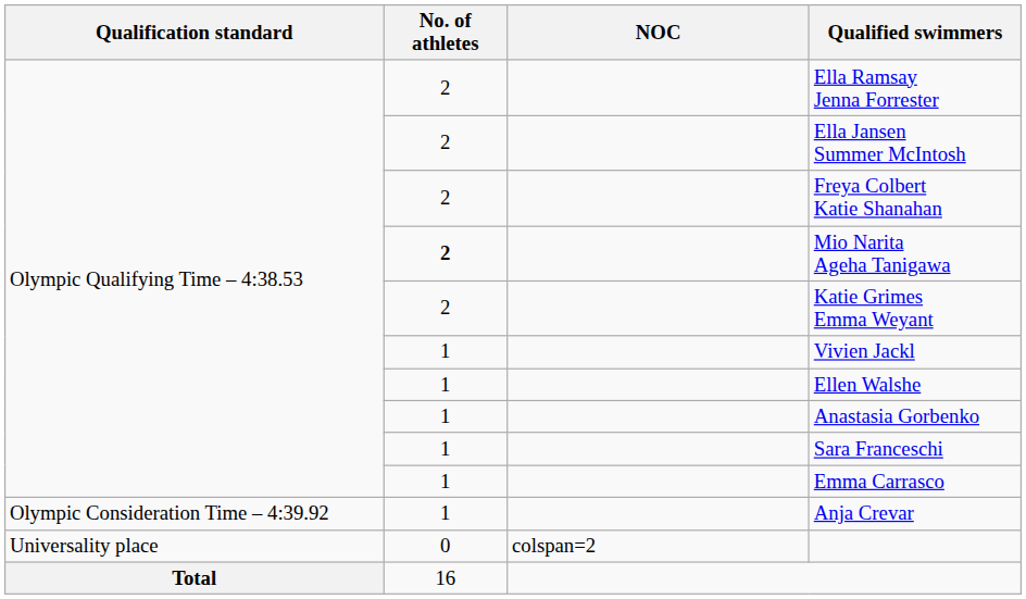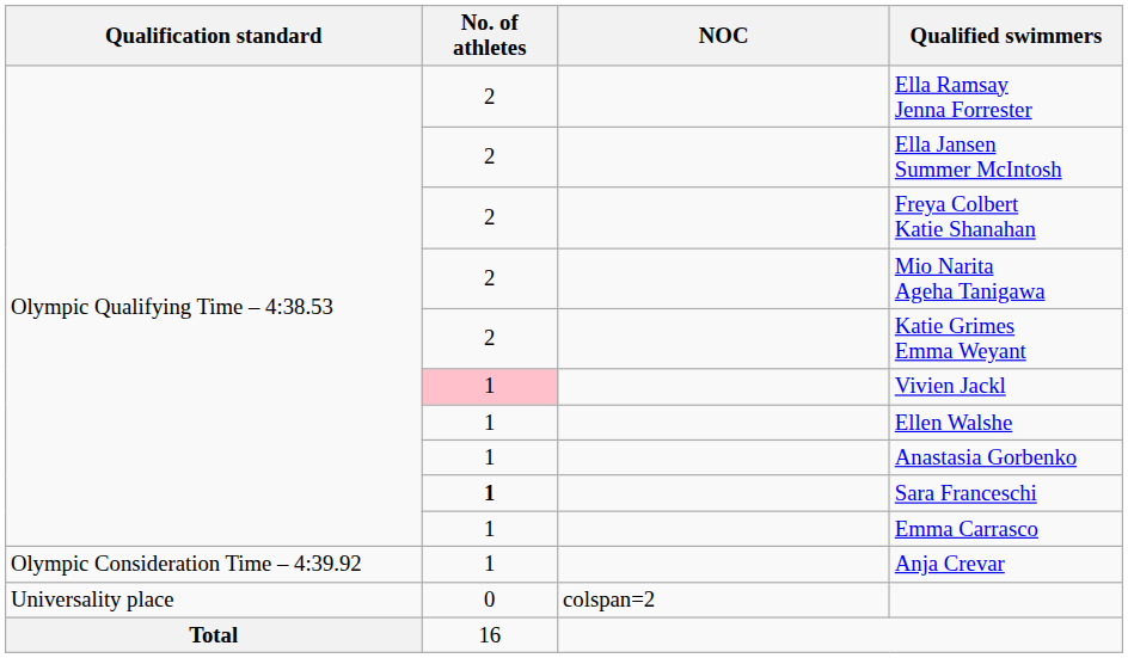 <table class=wikitable style="text-align:left" width=800>
 <tr>
 <th scope="col">Qualification standard</th>
 <th scope="col" width =90>No. of athletes</th>
 <th scope="col" width =230>NOC</th>
 <th scope="col">Qualified swimmers</th>
 </tr>
 <tr>
 <td rowspan=10>Olympic Qualifying Time – 4:38.53</td>
 <td align=center>2</td>
 <td></td>
 <td><a href='#'>Ella Ramsay</a><br><a href='#'>Jenna Forrester</a></td>
 </tr>
 <tr>
 <td align=center>2</td>
 <td></td>
 <td><a href='#'>Ella Jansen</a><br><a href='#'>Summer McIntosh</a></td>
 </tr>
 <tr>
 <td align=center>2</td>
 <td></td>
 <td><a href='#'>Freya Colbert</a><br><a href='#'>Katie Shanahan</a></td>
 </tr>
 <tr>
-<td align=center><strong>2</strong></td>
+<td align=center>2</td>
 <td></td>
 <td><a href='#'>Mio Narita</a><br><a href='#'>Ageha Tanigawa</a></td>
 </tr>
 <tr>
 <td align=center>2</td>
 <td></td>
 <td><a href='#'>Katie Grimes</a><br><a href='#'>Emma Weyant</a></td>
 </tr>
 <tr>
-<td align=center>1</td>
+<td align=center style="background: pink;">1</td>
 <td></td>
 <td><a href='#'>Vivien Jackl</a></td>
 </tr>
 <tr>
 <td align=center>1</td>
 <td></td>
 <td><a href='#'>Ellen Walshe</a></td>
 </tr>
 <tr>
 <td align=center>1</td>
 <td></td>
 <td><a href='#'>Anastasia Gorbenko</a></td>
 </tr>
 <tr>
-<td align=center>1</td>
+<td align=center><strong>1</strong></td>
 <td></td>
 <td><a href='#'>Sara Franceschi</a></td>
 </tr>
 <tr>
 <td align=center>1</td>
 <td></td>
 <td><a href='#'>Emma Carrasco</a></td>
 </tr>
 <tr>
 <td>Olympic Consideration Time – 4:39.92</td>
 <td align=center>1</td>
 <td></td>
 <td><a href='#'>Anja Crevar</a></td>
 </tr>
 <tr>
 <td>Universality place</td>
 <td align=center>0</td>
 <td>colspan=2 </td>
 </tr>
 <tr>
 <th scope="row">Total</th>
 <td align=center>16</td>
 <td colspan=2></td>
 </tr>
 </table>
